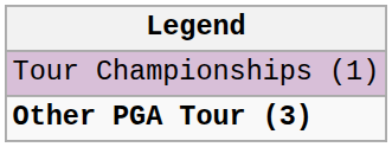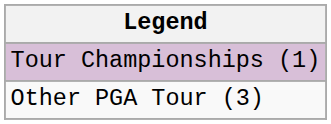 <table class="wikitable" style="font-size:95%;">
 <tr>
 <th>Legend</th>
 </tr>
 <tr style="background:thistle;">
 <td>Tour Championships (1)</td>
 </tr>
 <tr>
-<td><strong>Other PGA Tour (3)</strong></td>
+<td>Other PGA Tour (3)</td>
 </tr>
 </table>
